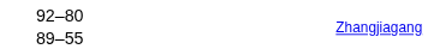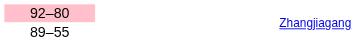 <table style="text-align:center">
 <tr>
 <th width=200></th>
 <th width=100></th>
 <th width=200></th>
 <th></th>
 </tr>
 <tr>
 <td align=right><strong></strong></td>
-<td>92–80</td>
+<td style="background: pink;">92–80</td>
 <td align=left></td>
 <td align=left rowspan=2><small><a href='#'>Zhangjiagang</a></small></td>
 </tr>
 <tr>
 <td align=right><strong></strong></td>
 <td>89–55</td>
 <td align=left></td>
 </tr>
 </table>
